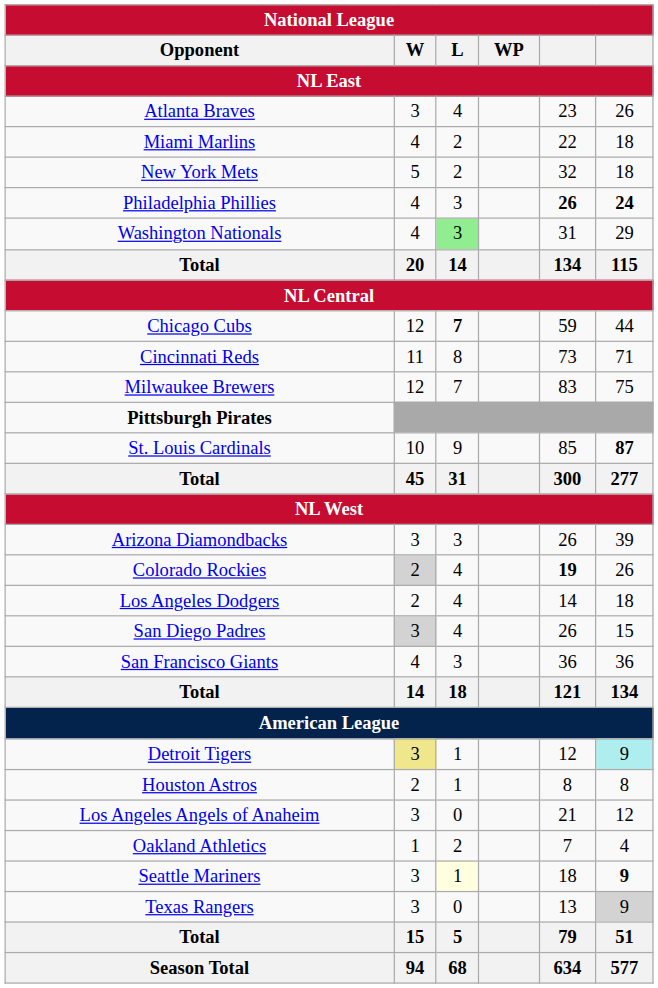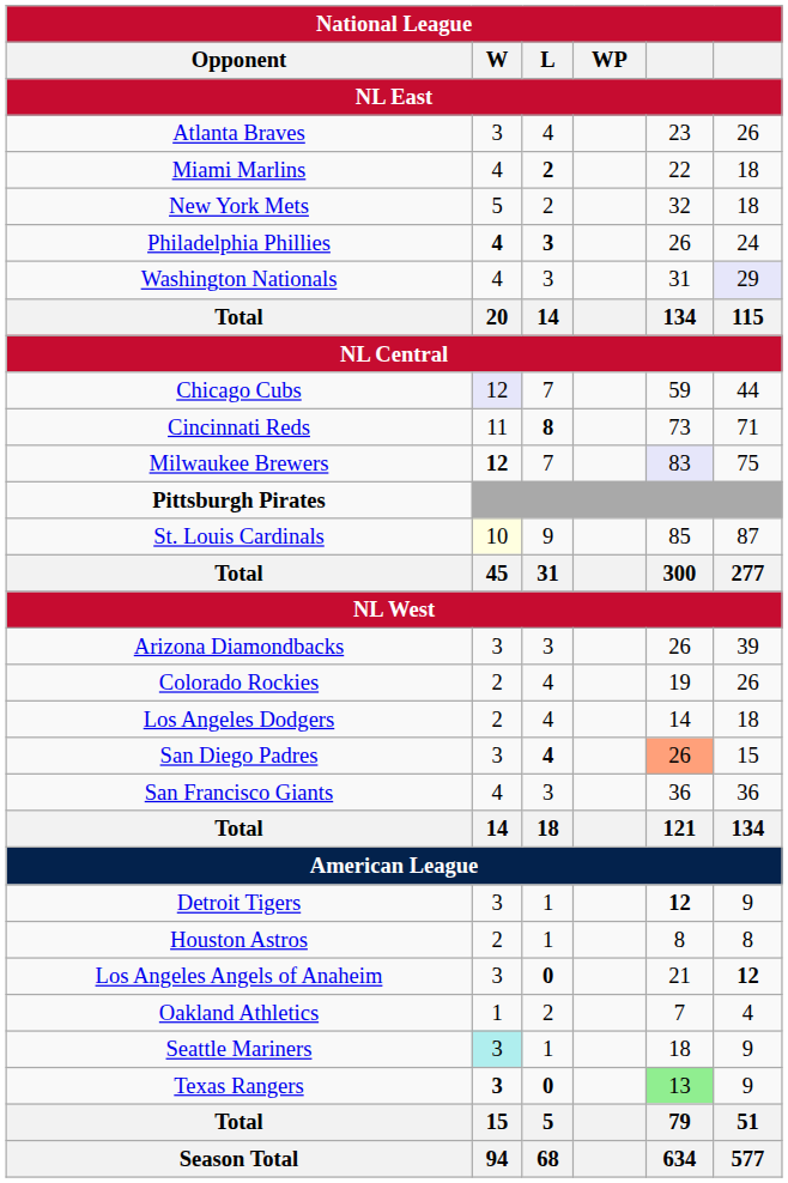 <table class="wikitable" style="font-size:95%; text-align:center; width:35em;margin:0.5em auto;">
 <tr>
 <th colspan="7" style="background:#c60c30; color:#ffffff;">National League</th>
 </tr>
 <tr>
 <th>Opponent</th>
 <th>W</th>
 <th>L</th>
 <th>WP</th>
 <th></th>
 <th></th>
 </tr>
 <tr>
 <th colspan="7" style="background:#c60c30; color:#ffffff;">NL East</th>
 </tr>
 <tr>
 <td><a href='#'>Atlanta Braves</a></td>
 <td>3</td>
 <td>4</td>
 <td></td>
 <td>23</td>
 <td>26</td>
 </tr>
 <tr>
 <td><a href='#'>Miami Marlins</a></td>
 <td>4</td>
-<td>2</td>
+<td><strong>2</strong></td>
 <td></td>
 <td>22</td>
 <td>18</td>
 </tr>
 <tr>
 <td><a href='#'>New York Mets</a></td>
 <td>5</td>
 <td>2</td>
 <td></td>
 <td>32</td>
 <td>18</td>
 </tr>
 <tr>
 <td><a href='#'>Philadelphia Phillies</a></td>
-<td>4</td>
-<td>3</td>
+<td><strong>4</strong></td>
+<td><strong>3</strong></td>
 <td></td>
-<td><strong>26</strong></td>
-<td><strong>24</strong></td>
+<td>26</td>
+<td>24</td>
 </tr>
 <tr>
 <td><a href='#'>Washington Nationals</a></td>
 <td>4</td>
-<td style="background: lightgreen;">3</td>
+<td>3</td>
 <td></td>
 <td>31</td>
-<td>29</td>
+<td style="background: lavender;">29</td>
 </tr>
 <tr>
 <th>Total</th>
 <th>20</th>
 <th>14</th>
 <th></th>
 <th>134</th>
 <th>115</th>
 </tr>
 <tr>
 <th colspan="7" style="background:#c60c30; color:#ffffff;">NL Central</th>
 </tr>
 <tr>
 <td><a href='#'>Chicago Cubs</a></td>
-<td>12</td>
-<td><strong>7</strong></td>
+<td style="background: lavender;">12</td>
+<td>7</td>
 <td></td>
 <td>59</td>
 <td>44</td>
 </tr>
 <tr>
 <td><a href='#'>Cincinnati Reds</a></td>
 <td>11</td>
-<td>8</td>
+<td><strong>8</strong></td>
 <td></td>
 <td>73</td>
 <td>71</td>
 </tr>
 <tr>
 <td><a href='#'>Milwaukee Brewers</a></td>
-<td>12</td>
+<td><strong>12</strong></td>
 <td>7</td>
 <td></td>
-<td>83</td>
+<td style="background: lavender;">83</td>
 <td>75</td>
 </tr>
 <tr>
 <td><strong>Pittsburgh Pirates</strong></td>
 <td colspan=5 style="background:darkgray;"></td>
 </tr>
 <tr>
 <td><a href='#'>St. Louis Cardinals</a></td>
-<td>10</td>
+<td style="background: lightyellow;">10</td>
 <td>9</td>
 <td></td>
 <td>85</td>
-<td><strong>87</strong></td>
+<td>87</td>
 </tr>
 <tr>
 <th>Total</th>
 <th>45</th>
 <th>31</th>
 <th></th>
 <th>300</th>
 <th>277</th>
 </tr>
 <tr>
 <th colspan="7" style="background:#c60c30; color:#ffffff;">NL West</th>
 </tr>
 <tr>
 <td><a href='#'>Arizona Diamondbacks</a></td>
 <td>3</td>
 <td>3</td>
 <td></td>
 <td>26</td>
 <td>39</td>
 </tr>
 <tr>
 <td><a href='#'>Colorado Rockies</a></td>
-<td style="background: lightgrey;">2</td>
+<td>2</td>
 <td>4</td>
 <td></td>
-<td><strong>19</strong></td>
+<td>19</td>
 <td>26</td>
 </tr>
 <tr>
 <td><a href='#'>Los Angeles Dodgers</a></td>
 <td>2</td>
 <td>4</td>
 <td></td>
 <td>14</td>
 <td>18</td>
 </tr>
 <tr>
 <td><a href='#'>San Diego Padres</a></td>
-<td style="background: lightgrey;">3</td>
-<td>4</td>
+<td>3</td>
+<td><strong>4</strong></td>
 <td></td>
-<td>26</td>
+<td style="background: lightsalmon;">26</td>
 <td>15</td>
 </tr>
 <tr>
 <td><a href='#'>San Francisco Giants</a></td>
 <td>4</td>
 <td>3</td>
 <td></td>
 <td>36</td>
 <td>36</td>
 </tr>
 <tr>
 <th>Total</th>
 <th>14</th>
 <th>18</th>
 <th></th>
 <th>121</th>
 <th>134</th>
 </tr>
 <tr>
 <th colspan="7" style="background:#03224c; color:#ffffff;">American League</th>
 </tr>
 <tr>
 <td><a href='#'>Detroit Tigers</a></td>
-<td style="background: khaki;">3</td>
+<td>3</td>
 <td>1</td>
 <td></td>
-<td>12</td>
-<td style="background: paleturquoise;">9</td>
+<td><strong>12</strong></td>
+<td>9</td>
 </tr>
 <tr>
 <td><a href='#'>Houston Astros</a></td>
 <td>2</td>
 <td>1</td>
 <td></td>
 <td>8</td>
 <td>8</td>
 </tr>
 <tr>
 <td><a href='#'>Los Angeles Angels of Anaheim</a></td>
 <td>3</td>
-<td>0</td>
+<td><strong>0</strong></td>
 <td></td>
 <td>21</td>
-<td>12</td>
+<td><strong>12</strong></td>
 </tr>
 <tr>
 <td><a href='#'>Oakland Athletics</a></td>
 <td>1</td>
 <td>2</td>
 <td></td>
 <td>7</td>
 <td>4</td>
 </tr>
 <tr>
 <td><a href='#'>Seattle Mariners</a></td>
-<td>3</td>
-<td style="background: lightyellow;">1</td>
+<td style="background: paleturquoise;">3</td>
+<td>1</td>
 <td></td>
 <td>18</td>
-<td><strong>9</strong></td>
+<td>9</td>
 </tr>
 <tr>
 <td><a href='#'>Texas Rangers</a></td>
-<td>3</td>
-<td>0</td>
+<td><strong>3</strong></td>
+<td><strong>0</strong></td>
 <td></td>
-<td>13</td>
-<td style="background: lightgrey;">9</td>
+<td style="background: lightgreen;">13</td>
+<td>9</td>
 </tr>
 <tr>
 <th>Total</th>
 <th>15</th>
 <th>5</th>
 <th></th>
 <th>79</th>
 <th>51</th>
 </tr>
 <tr>
 <th>Season Total</th>
 <th>94</th>
 <th>68</th>
 <th></th>
 <th>634</th>
 <th>577</th>
 </tr>
 </table>
